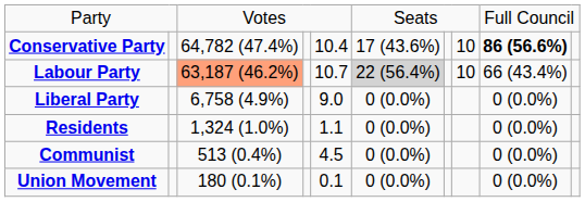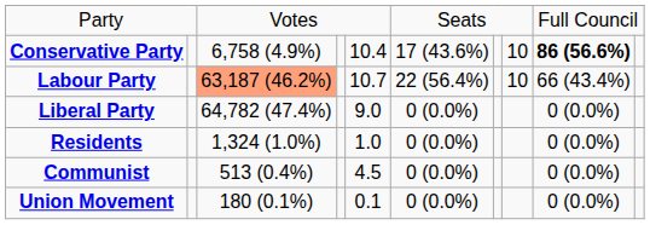 <table class=wikitable style="text-align:center;">
 <tr>
 <td colspan=2>Party</td>
 <td colspan=3>Votes</td>
 <td colspan=3>Seats</td>
 <td colspan=3>Full Council</td>
 </tr>
 <tr>
 <td><strong><a href='#'>Conservative Party</a></strong></td>
 <td style="background:"></td>
-<td>64,782 (47.4%)</td>
+<td>6,758 (4.9%)</td>
 <td></td>
 <td> 10.4</td>
 <td>17 (43.6%)</td>
 <td></td>
 <td> 10</td>
 <td><strong>86 (56.6%)</strong></td>
 <td></td>
 </tr>
 <tr>
 <td><strong><a href='#'>Labour Party</a></strong></td>
 <td style="background:"></td>
 <td style="background: lightsalmon;">63,187 (46.2%)</td>
 <td></td>
 <td> 10.7</td>
-<td style="background: lightgrey;">22 (56.4%)</td>
+<td>22 (56.4%)</td>
 <td></td>
 <td> 10</td>
 <td>66 (43.4%)</td>
 <td></td>
 </tr>
 <tr>
 <td><strong><a href='#'>Liberal Party</a></strong></td>
 <td style="background:"></td>
-<td>6,758 (4.9%)</td>
+<td>64,782 (47.4%)</td>
 <td></td>
 <td> 9.0</td>
 <td>0 (0.0%)</td>
 <td></td>
 <td></td>
 <td>0 (0.0%)</td>
 <td></td>
 </tr>
 <tr>
 <td><strong><a href='#'>Residents</a></strong></td>
 <td style="background:"></td>
 <td>1,324 (1.0%)</td>
 <td></td>
-<td> 1.1</td>
+<td> 1.0</td>
 <td>0 (0.0%)</td>
 <td></td>
 <td></td>
 <td>0 (0.0%)</td>
 <td></td>
 </tr>
 <tr>
 <td><strong><a href='#'>Communist</a></strong></td>
 <td style="background:"></td>
 <td>513 (0.4%)</td>
 <td></td>
 <td> 4.5</td>
 <td>0 (0.0%)</td>
 <td></td>
 <td></td>
 <td>0 (0.0%)</td>
 <td></td>
 </tr>
 <tr>
 <td><strong><a href='#'>Union Movement</a></strong></td>
 <td style="background:"></td>
 <td>180 (0.1%)</td>
 <td></td>
 <td> 0.1</td>
 <td>0 (0.0%)</td>
 <td></td>
 <td></td>
 <td>0 (0.0%)</td>
 <td></td>
 </tr>
 </table>
